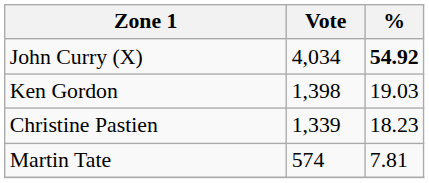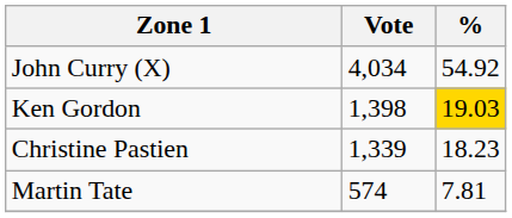 <table class="wikitable">
 <tr>
 <th width="200px">Zone 1</th>
 <th width="50px">Vote</th>
 <th width="30px">%</th>
 </tr>
 <tr>
 <td>John Curry (X)</td>
 <td>4,034</td>
-<td><strong>54.92</strong></td>
+<td>54.92</td>
 </tr>
 <tr>
 <td>Ken Gordon</td>
 <td>1,398</td>
-<td>19.03</td>
+<td style="background: gold;">19.03</td>
 </tr>
 <tr>
 <td>Christine Pastien</td>
 <td>1,339</td>
 <td>18.23</td>
 </tr>
 <tr>
 <td>Martin Tate</td>
 <td>574</td>
 <td>7.81</td>
 </tr>
 <tr>
 </tr>
 </table>
